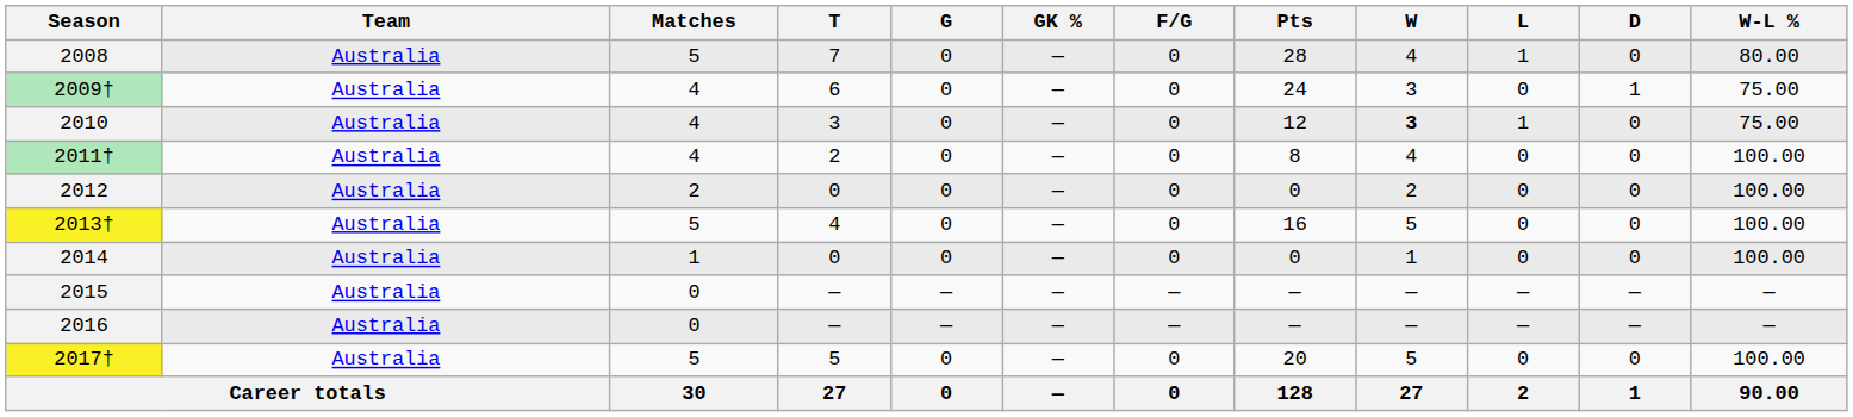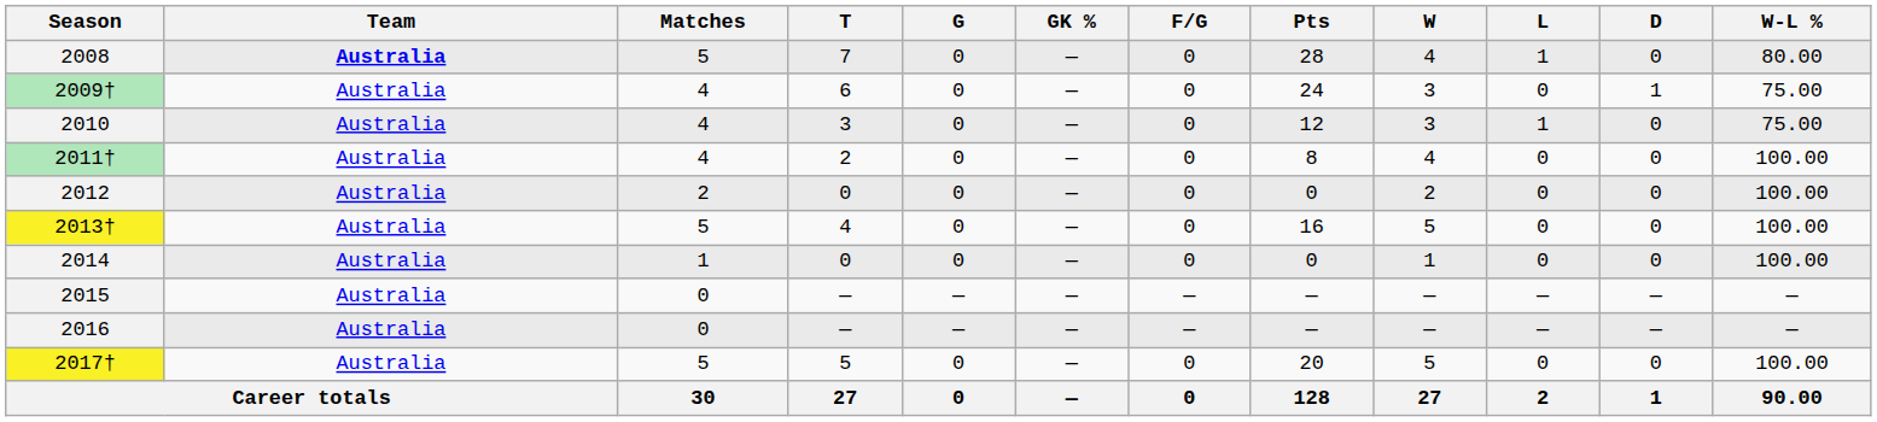 <table class="wikitable sortable"  style="font-size:90%; text-align:center; width:85%;">
 <tr>
 <th width=2%>Season</th>
 <th width=8%>Team</th>
 <th width=2%>Matches</th>
 <th width=2%>T</th>
 <th width=2%>G</th>
 <th width=2%>GK %</th>
 <th width=2%>F/G</th>
 <th width=2%>Pts</th>
 <th width=2%>W</th>
 <th width=2%>L</th>
 <th width=2%>D</th>
 <th width=2%>W-L %</th>
 </tr>
 <tr style="background:#eaeaea;">
 <th scope="row" style="text-align:center; font-weight:normal">2008</th>
-<td style="text-align:center;"><a href='#'>Australia</a></td>
+<td style="text-align:center;"><strong><a href='#'>Australia</a></strong></td>
 <td>5</td>
 <td>7</td>
 <td>0</td>
 <td>—</td>
 <td>0</td>
 <td>28</td>
 <td>4</td>
 <td>1</td>
 <td>0</td>
 <td>80.00</td>
 </tr>
 <tr>
 <th scope="row" style="text-align:center; background:#afe6ba; font-weight:normal">2009†</th>
 <td style="text-align:center;"><a href='#'>Australia</a></td>
 <td>4</td>
 <td>6</td>
 <td>0</td>
 <td>—</td>
 <td>0</td>
 <td>24</td>
 <td>3</td>
 <td>0</td>
 <td>1</td>
 <td>75.00</td>
 </tr>
 <tr style="background:#eaeaea;">
 <th scope="row" style="text-align:center; font-weight:normal">2010</th>
 <td style="text-align:center;"><a href='#'>Australia</a></td>
 <td>4</td>
 <td>3</td>
 <td>0</td>
 <td>—</td>
 <td>0</td>
 <td>12</td>
-<td><strong>3</strong></td>
+<td>3</td>
 <td>1</td>
 <td>0</td>
 <td>75.00</td>
 </tr>
 <tr>
 <th scope="row" style="text-align:center; background:#afe6ba; font-weight:normal">2011†</th>
 <td style="text-align:center;"><a href='#'>Australia</a></td>
 <td>4</td>
 <td>2</td>
 <td>0</td>
 <td>—</td>
 <td>0</td>
 <td>8</td>
 <td>4</td>
 <td>0</td>
 <td>0</td>
 <td>100.00</td>
 </tr>
 <tr style="background:#eaeaea;">
 <th scope="row" style="text-align:center; font-weight:normal">2012</th>
 <td style="text-align:center;"><a href='#'>Australia</a></td>
 <td>2</td>
 <td>0</td>
 <td>0</td>
 <td>—</td>
 <td>0</td>
 <td>0</td>
 <td>2</td>
 <td>0</td>
 <td>0</td>
 <td>100.00</td>
 </tr>
 <tr>
 <th scope="row" style="text-align:center; background:#f9f025; font-weight:normal">2013†</th>
 <td style="text-align:center;"><a href='#'>Australia</a></td>
 <td>5</td>
 <td>4</td>
 <td>0</td>
 <td>—</td>
 <td>0</td>
 <td>16</td>
 <td>5</td>
 <td>0</td>
 <td>0</td>
 <td>100.00</td>
 </tr>
 <tr style="background:#eaeaea;">
 <th scope="row" style="text-align:center; font-weight:normal">2014</th>
 <td style="text-align:center;"><a href='#'>Australia</a></td>
 <td>1</td>
 <td>0</td>
 <td>0</td>
 <td>—</td>
 <td>0</td>
 <td>0</td>
 <td>1</td>
 <td>0</td>
 <td>0</td>
 <td>100.00</td>
 </tr>
 <tr>
 <th scope="row" style="text-align:center; font-weight:normal">2015</th>
 <td style="text-align:center;"><a href='#'>Australia</a></td>
 <td>0</td>
 <td>—</td>
 <td>—</td>
 <td>—</td>
 <td>—</td>
 <td>—</td>
 <td>—</td>
 <td>—</td>
 <td>—</td>
 <td>—</td>
 </tr>
 <tr style="background:#eaeaea;">
 <th scope="row" style="text-align:center; font-weight:normal">2016</th>
 <td style="text-align:center;"><a href='#'>Australia</a></td>
 <td>0</td>
 <td>—</td>
 <td>—</td>
 <td>—</td>
 <td>—</td>
 <td>—</td>
 <td>—</td>
 <td>—</td>
 <td>—</td>
 <td>—</td>
 </tr>
 <tr>
 <th scope="row" style="text-align:center; background:#f9f025; font-weight:normal">2017†</th>
 <td style="text-align:center;"><a href='#'>Australia</a></td>
 <td>5</td>
 <td>5</td>
 <td>0</td>
 <td>—</td>
 <td>0</td>
 <td>20</td>
 <td>5</td>
 <td>0</td>
 <td>0</td>
 <td>100.00</td>
 </tr>
 <tr class="sortbottom">
 <th colspan=2>Career totals</th>
 <th>30</th>
 <th>27</th>
 <th>0</th>
 <th>—</th>
 <th>0</th>
 <th>128</th>
 <th>27</th>
 <th>2</th>
 <th>1</th>
 <th>90.00</th>
 </tr>
 </table>
